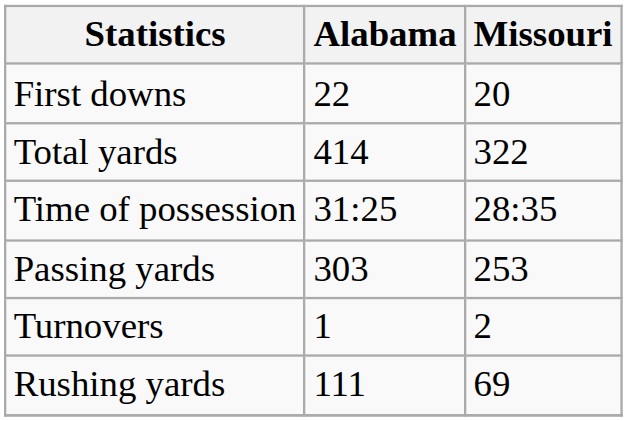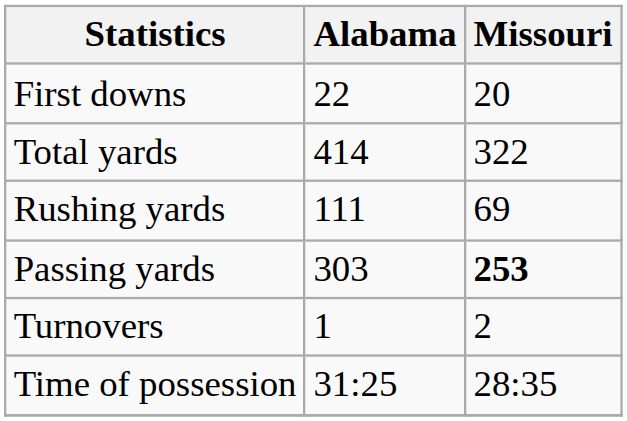 <table class="wikitable" style="float: left;">
 <tr>
 <th>Statistics</th>
 <th>Alabama</th>
 <th>Missouri</th>
 </tr>
 <tr>
 <td>First downs</td>
 <td>22</td>
 <td>20</td>
 </tr>
 <tr>
 <td>Total yards</td>
 <td>414</td>
 <td>322</td>
 </tr>
 <tr>
-<td>Time of possession</td>
-<td>31:25</td>
-<td>28:35</td>
+<td>Rushing yards</td>
+<td>111</td>
+<td>69</td>
 </tr>
 <tr>
 <td>Passing yards</td>
 <td>303</td>
-<td>253</td>
+<td><strong>253</strong></td>
 </tr>
 <tr>
 <td>Turnovers</td>
 <td>1</td>
 <td>2</td>
 </tr>
 <tr>
-<td>Rushing yards</td>
-<td>111</td>
-<td>69</td>
+<td>Time of possession</td>
+<td>31:25</td>
+<td>28:35</td>
 </tr>
 <tr>
 </tr>
 </table>
